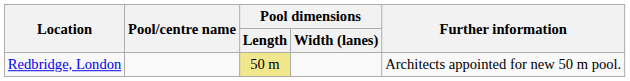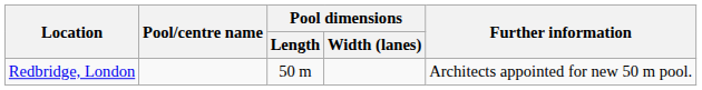 <table class="wikitable" style="font-size:95%">
 <tr>
 <th rowspan="2">Location</th>
 <th rowspan="2">Pool/centre name</th>
 <th colspan="2">Pool dimensions</th>
 <th rowspan="2">Further information</th>
 </tr>
 <tr>
 <th>Length</th>
 <th>Width (lanes)</th>
 </tr>
 <tr>
 <td><a href='#'>Redbridge, London</a></td>
 <td></td>
-<td align="center" style="background: khaki;">50 m</td>
+<td align="center">50 m</td>
 <td align="center"></td>
 <td>Architects appointed for new 50 m pool.</td>
 </tr>
 </table>
